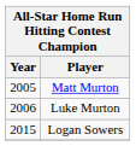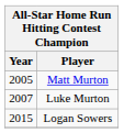 <table class="wikitable" style="display: inline-table; margin-right: 20px; text-align:center">
 <tr>
 <th scope="col" colspan="2" style="width: 145px;">All-Star Home Run Hitting Contest Champion</th>
 </tr>
 <tr>
 <th scope="col">Year</th>
 <th scope="col">Player</th>
 </tr>
 <tr>
 <td>2005</td>
 <td><a href='#'>Matt Murton</a></td>
 </tr>
 <tr>
-<td>2006</td>
+<td>2007</td>
 <td>Luke Murton</td>
 </tr>
 <tr>
 <td>2015</td>
 <td>Logan Sowers</td>
 </tr>
 <tr>
 </tr>
 </table>
